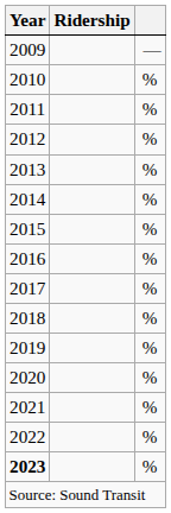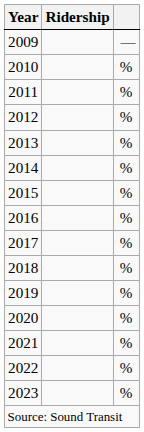 <table class="wikitable sortable floatright" style="border-spacing: 1px; text-align:center; font-size:95%;">
 <tr>
 <th style="border-bottom:1px solid black">Year</th>
 <th style="border-bottom:1px solid black">Ridership</th>
 <th style="border-bottom:1px solid black"></th>
 </tr>
 <tr>
 <td>2009</td>
 <td></td>
 <td> —</td>
 </tr>
 <tr>
 <td>2010</td>
 <td></td>
 <td>% </td>
 </tr>
 <tr>
 <td>2011</td>
 <td></td>
 <td>% </td>
 </tr>
 <tr>
 <td>2012</td>
 <td></td>
 <td>% </td>
 </tr>
 <tr>
 <td>2013</td>
 <td></td>
 <td>% </td>
 </tr>
 <tr>
 <td>2014</td>
 <td></td>
 <td>% </td>
 </tr>
 <tr>
 <td>2015</td>
 <td></td>
 <td>% </td>
 </tr>
 <tr>
 <td>2016</td>
 <td></td>
 <td>% </td>
 </tr>
 <tr>
 <td>2017</td>
 <td></td>
 <td>% </td>
 </tr>
 <tr>
 <td>2018</td>
 <td></td>
 <td>% </td>
 </tr>
 <tr>
 <td>2019</td>
 <td></td>
 <td>% </td>
 </tr>
 <tr>
 <td>2020</td>
 <td></td>
 <td>% </td>
 </tr>
 <tr>
 <td>2021</td>
 <td></td>
 <td>% </td>
 </tr>
 <tr>
 <td>2022</td>
 <td></td>
 <td>% </td>
 </tr>
 <tr>
-<td><strong>2023</strong></td>
+<td>2023</td>
 <td></td>
 <td>% </td>
 </tr>
 <tr class="sortbottom">
 <td colspan="3" style="border-top:1px solid black; font-size:85%; text-align:left">Source: Sound Transit</td>
 </tr>
 </table>
